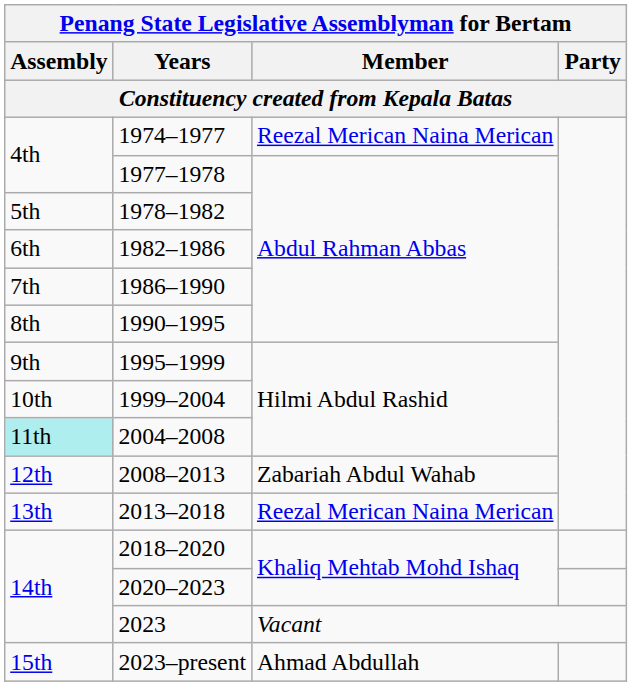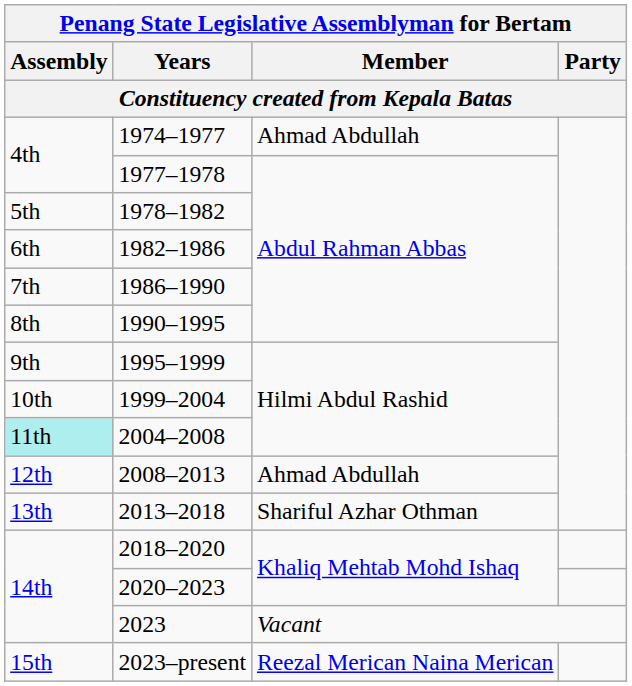 <table class="wikitable">
 <tr>
 <th colspan="4"><a href='#'>Penang State Legislative Assemblyman</a> for Bertam</th>
 </tr>
 <tr>
 <th>Assembly</th>
 <th>Years</th>
 <th>Member</th>
 <th>Party</th>
 </tr>
 <tr>
 <th colspan="4" align="center"><em>Constituency created from Kepala Batas</em></th>
 </tr>
 <tr>
 <td rowspan="2">4th</td>
 <td>1974–1977</td>
-<td><a href='#'>Reezal Merican Naina Merican</a></td>
+<td>Ahmad Abdullah</td>
 <td rowspan="11"></td>
 </tr>
 <tr>
 <td>1977–1978</td>
 <td rowspan="5"><a href='#'>Abdul Rahman Abbas</a></td>
 </tr>
 <tr>
 <td>5th</td>
 <td>1978–1982</td>
 </tr>
 <tr>
 <td>6th</td>
 <td>1982–1986</td>
 </tr>
 <tr>
 <td>7th</td>
 <td>1986–1990</td>
 </tr>
 <tr>
 <td>8th</td>
 <td>1990–1995</td>
 </tr>
 <tr>
 <td>9th</td>
 <td>1995–1999</td>
 <td rowspan="3">Hilmi Abdul Rashid</td>
 </tr>
 <tr>
 <td>10th</td>
 <td>1999–2004</td>
 </tr>
 <tr>
 <td style="background: paleturquoise;">11th</td>
 <td>2004–2008</td>
 </tr>
 <tr>
 <td><a href='#'>12th</a></td>
 <td>2008–2013</td>
-<td>Zabariah Abdul Wahab</td>
+<td>Ahmad Abdullah</td>
 </tr>
 <tr>
 <td><a href='#'>13th</a></td>
 <td>2013–2018</td>
-<td><a href='#'>Reezal Merican Naina Merican</a></td>
+<td>Shariful Azhar Othman</td>
 </tr>
 <tr>
 <td rowspan="3"><a href='#'>14th</a></td>
 <td>2018–2020</td>
 <td rowspan="2"><a href='#'>Khaliq Mehtab Mohd Ishaq</a></td>
 <td></td>
 </tr>
 <tr>
 <td>2020–2023</td>
 <td></td>
 </tr>
 <tr>
 <td>2023</td>
 <td colspan="2"><em>Vacant</em></td>
 </tr>
 <tr>
 <td><a href='#'>15th</a></td>
 <td>2023–present</td>
-<td>Ahmad Abdullah</td>
+<td><a href='#'>Reezal Merican Naina Merican</a></td>
 <td></td>
 </tr>
 </table>
